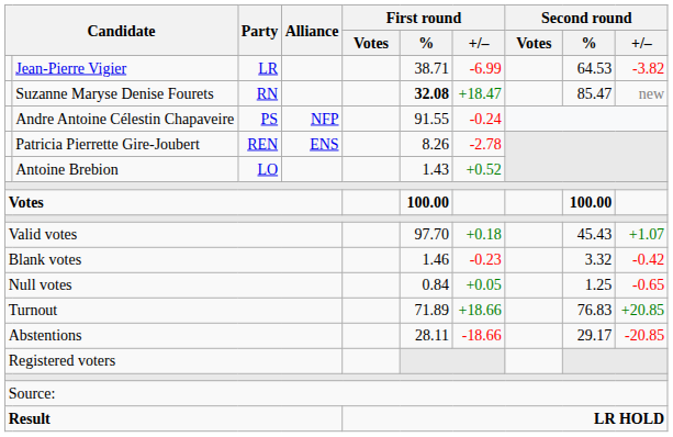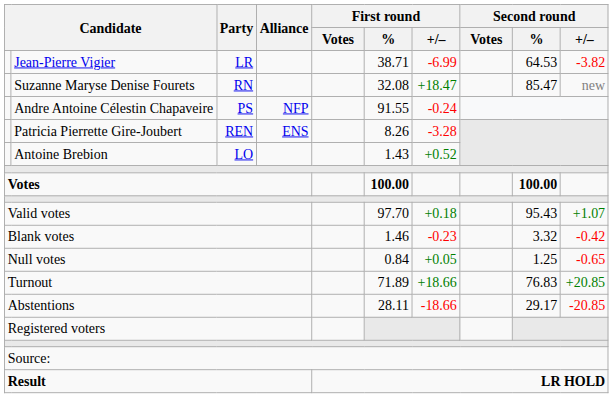 <table class="wikitable" style="text-align:right;font-size:95%;">
 <tr>
 <th rowspan="2" colspan="2">Candidate</th>
 <th colspan="1" rowspan="2">Party</th>
 <th colspan="1" rowspan="2">Alliance</th>
 <th colspan="3">First round</th>
 <th colspan="3">Second round</th>
 </tr>
 <tr>
 <th style="width:50px;">Votes</th>
 <th style="width:45px;">%</th>
 <th style="width:45px;">+/–</th>
 <th style="width:50px;">Votes</th>
 <th style="width:45px;">%</th>
 <th style="width:45px;">+/–</th>
 </tr>
 <tr>
 <td style="color:inherit;background:"></td>
 <td style="text-align:left;"><a href='#'>Jean-Pierre Vigier</a></td>
 <td><a href='#'>LR</a></td>
 <td></td>
 <td></td>
 <td>38.71</td>
 <td style="color:red;">-6.99</td>
 <td></td>
 <td>64.53</td>
 <td style="color:red;">-3.82</td>
 </tr>
 <tr>
 <td style="color:inherit;background:"></td>
 <td style="text-align:left;">Suzanne Maryse Denise Fourets</td>
 <td><a href='#'>RN</a></td>
 <td></td>
 <td></td>
-<td><strong>32.08</strong></td>
+<td>32.08</td>
 <td style="color:green;">+18.47</td>
 <td></td>
 <td>85.47</td>
 <td style="color:grey;">new</td>
 </tr>
 <tr>
 <td style="color:inherit;background:"></td>
 <td style="text-align:left;">Andre Antoine Célestin Chapaveire</td>
 <td><a href='#'>PS</a></td>
 <td><a href='#'>NFP</a></td>
 <td></td>
 <td>91.55</td>
 <td style="color:red;">-0.24</td>
 <td colspan="3" style="background:#F8F9FA;"></td>
 </tr>
 <tr>
 <td style="color:inherit;background:"></td>
 <td style="text-align:left;">Patricia Pierrette Gire-Joubert</td>
 <td><a href='#'>REN</a></td>
 <td><a href='#'>ENS</a></td>
 <td></td>
 <td>8.26</td>
-<td style="color:red;">-2.78</td>
+<td style="color:red;">-3.28</td>
 <td colspan="3" rowspan="2" style="background:#E9E9E9;"></td>
 </tr>
 <tr>
 <td style="color:inherit;background:"></td>
 <td style="text-align:left;">Antoine Brebion</td>
 <td><a href='#'>LO</a></td>
 <td></td>
 <td></td>
 <td>1.43</td>
 <td style="color:green;">+0.52</td>
 </tr>
 <tr>
 <td colspan="10" style="background:#E9E9E9;"></td>
 </tr>
 <tr style="font-weight:bold;">
 <td colspan="4" style="text-align:left;">Votes</td>
 <td></td>
 <td>100.00</td>
 <td></td>
 <td></td>
 <td>100.00</td>
 <td></td>
 </tr>
 <tr>
 <td colspan="10" style="background:#E9E9E9;"></td>
 </tr>
 <tr>
 <td colspan="4" style="text-align:left;">Valid votes</td>
 <td></td>
 <td>97.70</td>
 <td style="color:green;">+0.18</td>
 <td></td>
-<td>45.43</td>
+<td>95.43</td>
 <td style="color:green;">+1.07</td>
 </tr>
 <tr>
 <td colspan="4" style="text-align:left;">Blank votes</td>
 <td></td>
 <td>1.46</td>
 <td style="color:red;">-0.23</td>
 <td></td>
 <td>3.32</td>
 <td style="color:red;">-0.42</td>
 </tr>
 <tr>
 <td colspan="4" style="text-align:left;">Null votes</td>
 <td></td>
 <td>0.84</td>
 <td style="color:green;">+0.05</td>
 <td></td>
 <td>1.25</td>
 <td style="color:red;">-0.65</td>
 </tr>
 <tr>
 <td colspan="4" style="text-align:left;">Turnout</td>
 <td></td>
 <td>71.89</td>
 <td style="color:green;">+18.66</td>
 <td></td>
 <td>76.83</td>
 <td style="color:green;">+20.85</td>
 </tr>
 <tr>
 <td colspan="4" style="text-align:left;">Abstentions</td>
 <td></td>
 <td>28.11</td>
 <td style="color:red;">-18.66</td>
 <td></td>
 <td>29.17</td>
 <td style="color:red;">-20.85</td>
 </tr>
 <tr>
 <td colspan="4" style="text-align:left;">Registered voters</td>
 <td></td>
 <td colspan="2" style="background:#E9E9E9;"></td>
 <td></td>
 <td colspan="2" style="background:#E9E9E9;"></td>
 </tr>
 <tr>
 <td colspan="10" style="background:#E9E9E9;"></td>
 </tr>
 <tr>
 <td colspan="10" style="text-align:left;">Source: </td>
 </tr>
 <tr style="font-weight:bold">
 <td colspan="4" style="text-align:left;">Result</td>
 <td colspan="6" style="background-color:">LR HOLD</td>
 </tr>
 </table>
